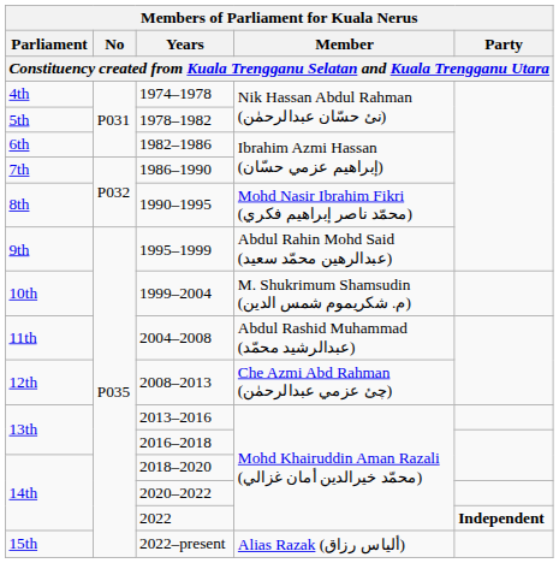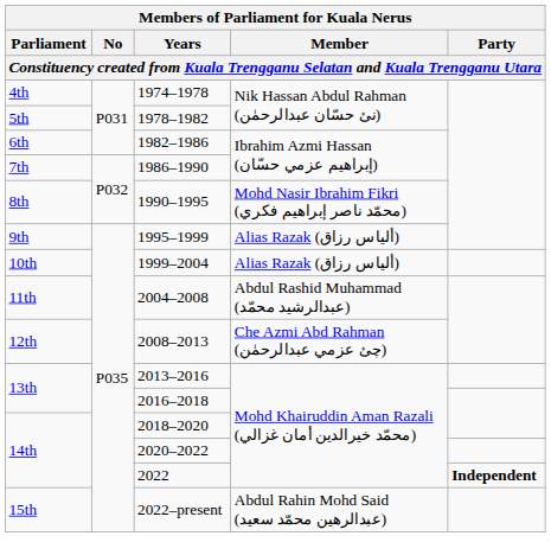 <table class=wikitable>
 <tr>
 <th colspan="5">Members of Parliament for Kuala Nerus</th>
 </tr>
 <tr>
 <th>Parliament</th>
 <th>No</th>
 <th>Years</th>
 <th>Member</th>
 <th>Party</th>
 </tr>
 <tr>
 <th colspan="5" align="center"><em>Constituency created from <a href='#'>Kuala Trengganu Selatan</a> and <a href='#'>Kuala Trengganu Utara</a></em></th>
 </tr>
 <tr>
 <td><a href='#'>4th</a></td>
 <td rowspan="3">P031</td>
 <td>1974–1978</td>
 <td rowspan=2>Nik Hassan Abdul Rahman <br>(نئ حسّان عبدالرحمٰن)</td>
 <td rowspan="6"></td>
 </tr>
 <tr>
 <td><a href='#'>5th</a></td>
 <td>1978–1982</td>
 </tr>
 <tr>
 <td><a href='#'>6th</a></td>
 <td>1982–1986</td>
 <td rowspan=2>Ibrahim Azmi Hassan  <br>(إبراهيم عزمي حسّان)</td>
 </tr>
 <tr>
 <td><a href='#'>7th</a></td>
 <td rowspan="2">P032</td>
 <td>1986–1990</td>
 </tr>
 <tr>
 <td><a href='#'>8th</a></td>
 <td>1990–1995</td>
 <td><a href='#'>Mohd Nasir Ibrahim Fikri</a> <br>(محمّد ناصر إبراهيم فکري)</td>
 </tr>
 <tr>
 <td><a href='#'>9th</a></td>
 <td rowspan=10>P035</td>
 <td>1995–1999</td>
-<td>Abdul Rahin Mohd Said  <br>(عبدالرهين محمّد سعيد)</td>
+<td><a href='#'>Alias Razak</a> (ألياس رزاق)</td>
 </tr>
 <tr>
 <td><a href='#'>10th</a></td>
 <td>1999–2004</td>
-<td>M. Shukrimum Shamsudin <br>(م. شكريموم شمس الدين)</td>
+<td><a href='#'>Alias Razak</a> (ألياس رزاق)</td>
 <td></td>
 </tr>
 <tr>
 <td><a href='#'>11th</a></td>
 <td>2004–2008</td>
 <td>Abdul Rashid Muhammad <br>(عبدالرشيد محمّد)</td>
 <td rowspan="2"></td>
 </tr>
 <tr>
 <td><a href='#'>12th</a></td>
 <td>2008–2013</td>
 <td><a href='#'>Che Azmi Abd Rahman</a><br>(چئ عزمي عبدالرحمٰن)</td>
 </tr>
 <tr>
 <td rowspan=2><a href='#'>13th</a></td>
 <td>2013–2016</td>
 <td rowspan=5><a href='#'>Mohd Khairuddin Aman Razali</a> <br>(محمّد خيرالدين أمان غزالي)</td>
 <td></td>
 </tr>
 <tr>
 <td>2016–2018</td>
 <td rowspan=2></td>
 </tr>
 <tr>
 <td rowspan="3"><a href='#'>14th</a></td>
 <td>2018–2020</td>
 </tr>
 <tr>
 <td>2020–2022</td>
 <td></td>
 </tr>
 <tr>
 <td>2022</td>
 <td><strong>Independent</strong></td>
 </tr>
 <tr>
 <td><a href='#'>15th</a></td>
 <td>2022–present</td>
-<td><a href='#'>Alias Razak</a> (ألياس رزاق)</td>
+<td>Abdul Rahin Mohd Said  <br>(عبدالرهين محمّد سعيد)</td>
 <td></td>
 </tr>
 </table>
